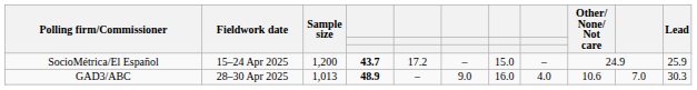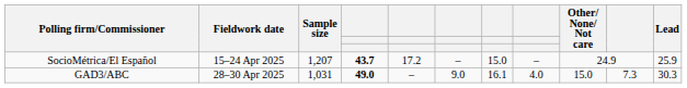 <table class="wikitable collapsible collapsed" style="text-align:center; font-size:90%; line-height:14px;">
 <tr style="height:42px;">
 <th style="width:250px;" rowspan="3">Polling firm/Commissioner</th>
 <th style="width:125px;" rowspan="3">Fieldwork date</th>
 <th style="width:50px;" rowspan="3">Sample size</th>
 <th style="width:55px;"></th>
 <th style="width:55px;"></th>
 <th style="width:55px;"></th>
 <th style="width:35px;"></th>
 <th style="width:55px;"></th>
 <th style="width:55px;" rowspan="3">Other/<br>None/<br>Not<br>care</th>
 <th style="width:55px;" rowspan="3"></th>
 <th style="width:30px;" rowspan="3">Lead</th>
 </tr>
 <tr>
 <th style="color:inherit;background:"></th>
 <th style="color:inherit;background:"></th>
 <th style="color:inherit;background:"></th>
 <th style="color:inherit;background:"></th>
 <th style="color:inherit;background:"></th>
 </tr>
 <tr>
 <th></th>
 <th></th>
 <th></th>
 <th></th>
 <th></th>
 </tr>
 <tr>
 <td>SocioMétrica/El Español</td>
 <td>15–24 Apr 2025</td>
-<td>1,200</td>
+<td>1,207</td>
 <td><strong>43.7</strong></td>
 <td>17.2</td>
 <td>–</td>
 <td>15.0</td>
 <td>–</td>
 <td colspan="2">24.9</td>
 <td style="background:">25.9</td>
 </tr>
 <tr>
 <td>GAD3/ABC</td>
 <td>28–30 Apr 2025</td>
-<td>1,013</td>
-<td><strong>48.9</strong></td>
+<td>1,031</td>
+<td><strong>49.0</strong></td>
 <td>–</td>
 <td>9.0</td>
-<td>16.0</td>
+<td>16.1</td>
 <td>4.0</td>
-<td>10.6</td>
-<td>7.0</td>
+<td>15.0</td>
+<td>7.3</td>
 <td style="background:">30.3</td>
 </tr>
 </table>
